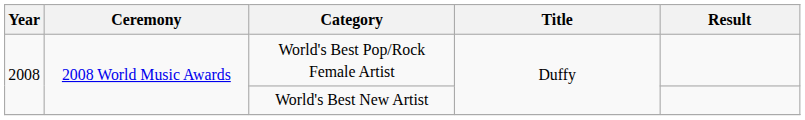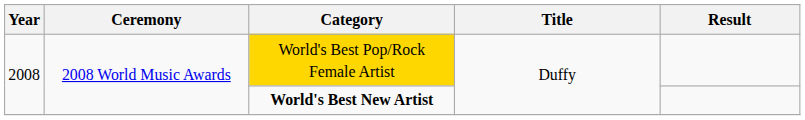 <table class="wikitable" style="text-align:center; font-size:90%; line-height:20px;">
 <tr>
 <th>Year</th>
 <th width="180px">Ceremony</th>
 <th width="180px">Category</th>
 <th width="180px">Title</th>
 <th width="120px">Result</th>
 </tr>
 <tr>
 <td rowspan="2">2008</td>
 <td rowspan=2><a href='#'>2008 World Music Awards</a></td>
-<td>World's Best Pop/Rock<br>Female Artist</td>
+<td style="background: gold;">World's Best Pop/Rock<br>Female Artist</td>
 <td rowspan="2">Duffy</td>
 <td></td>
 </tr>
 <tr>
-<td>World's Best New Artist</td>
+<td><strong>World's Best New Artist</strong></td>
 <td></td>
 </tr>
 <tr>
 </tr>
 </table>
